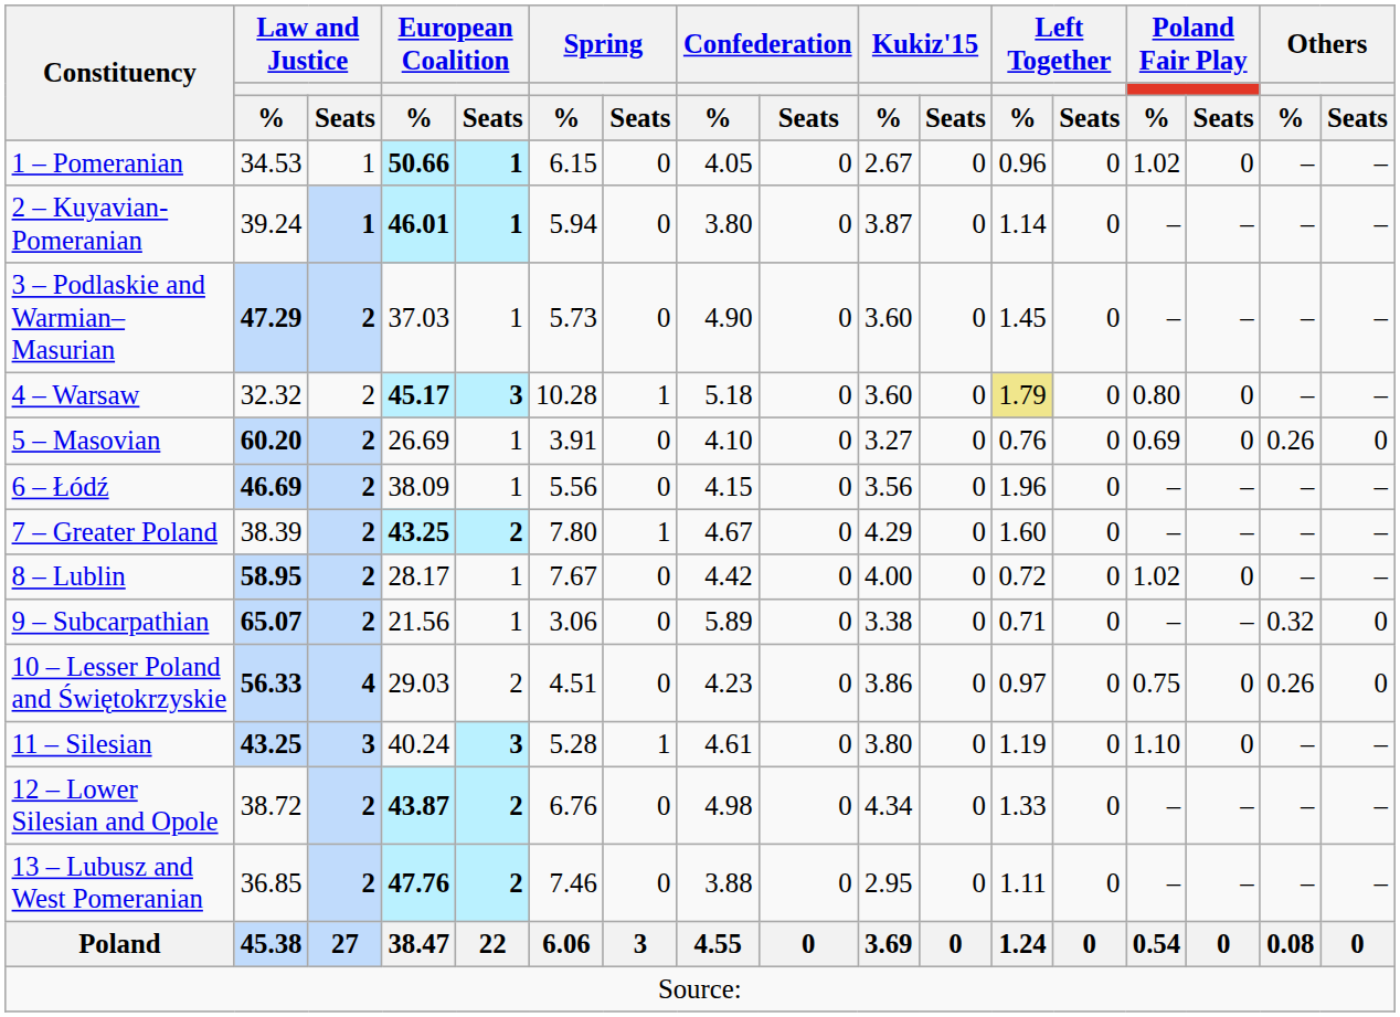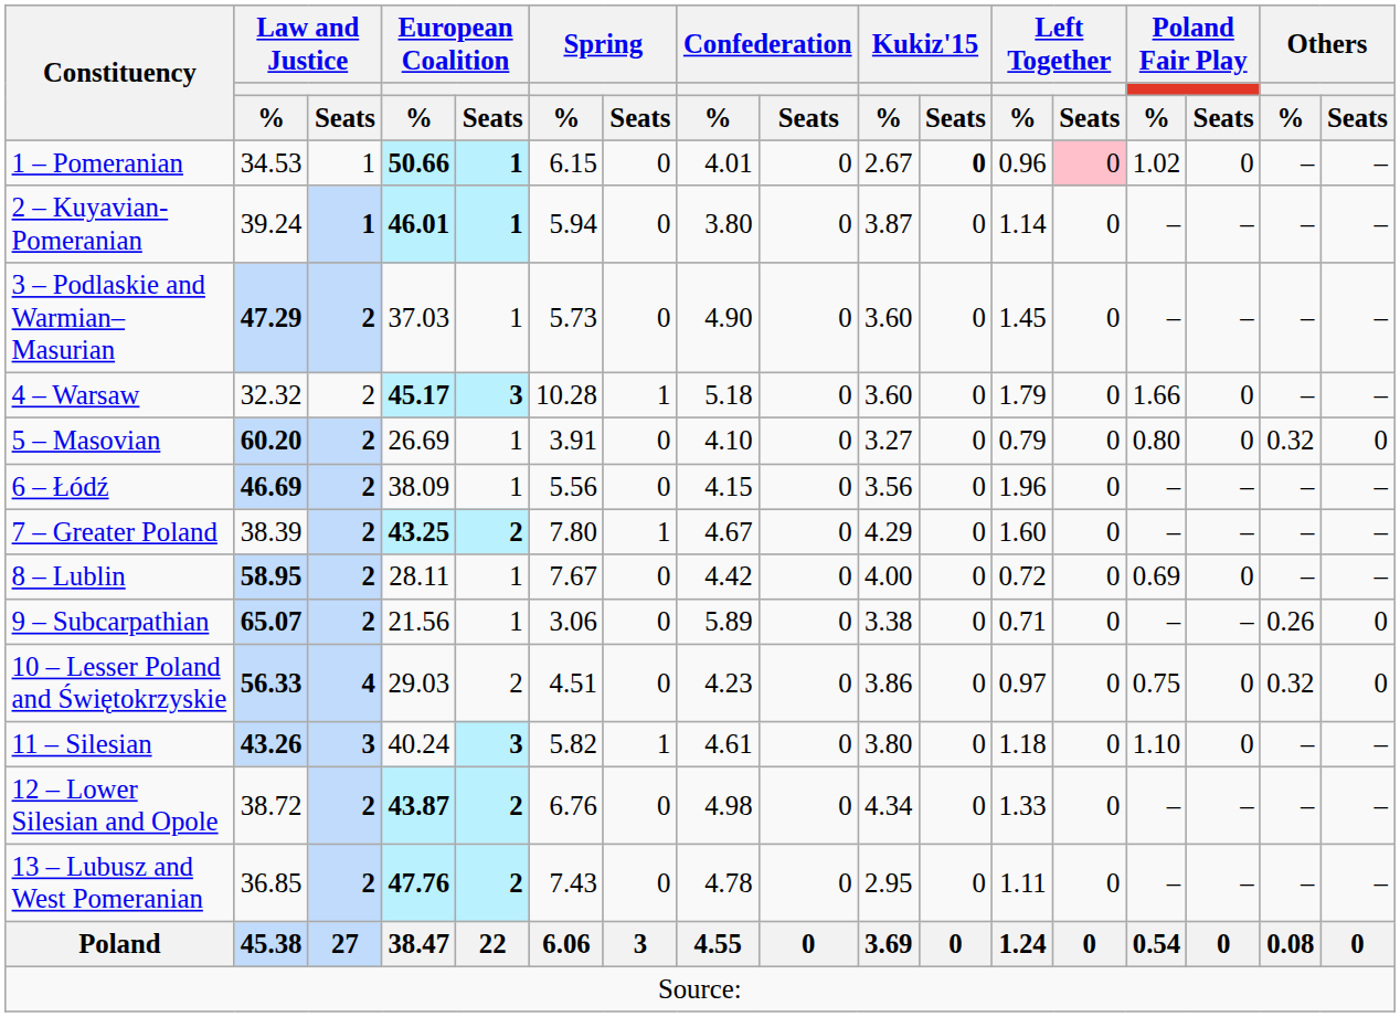 <table class="wikitable sortable" style="text-align:right; font-size:95%">
 <tr style="height:42px; text-align:center; background-color:#E9E9E9;">
 <th rowspan="3" style="width:120px;">Constituency</th>
 <th colspan="2" data-sort-type="number" style="width:40px;"><a href='#'>Law and Justice</a></th>
 <th colspan="2" data-sort-type="number" style="width:40px;"><a href='#'>European Coalition</a></th>
 <th colspan="2" data-sort-type="number" style="width:40px;"><a href='#'>Spring</a></th>
 <th colspan="2" data-sort-type="number" style="width:40px;"><a href='#'>Confederation</a></th>
 <th colspan="2" data-sort-type="number" style="width:40px;"><a href='#'>Kukiz'15</a></th>
 <th colspan="2" data-sort-type="number" style="width:40px;"><a href='#'>Left Together</a></th>
 <th colspan="2" data-sort-type="number" style="width:40px;"><a href='#'>Poland Fair Play</a></th>
 <th colspan="2" data-sort-type="number" style="width:40px;">Others</th>
 </tr>
 <tr>
 <th colspan="2" style="color:inherit;background:"></th>
 <th colspan="2" style="color:inherit;background:"></th>
 <th colspan="2" style="color:inherit;background:"></th>
 <th colspan="2" style="color:inherit;background:"></th>
 <th colspan="2" style="color:inherit;background:"></th>
 <th colspan="2" style="color:inherit;background:"></th>
 <th colspan="2" style="color:inherit;background:#E23727;"></th>
 <th colspan="2" style="color:inherit;background:"></th>
 </tr>
 <tr>
 <th>%</th>
 <th>Seats</th>
 <th>%</th>
 <th>Seats</th>
 <th>%</th>
 <th>Seats</th>
 <th>%</th>
 <th>Seats</th>
 <th>%</th>
 <th>Seats</th>
 <th>%</th>
 <th>Seats</th>
 <th>%</th>
 <th>Seats</th>
 <th>%</th>
 <th>Seats</th>
 </tr>
 <tr>
 <td align="left"><a href='#'>1 – Pomeranian</a></td>
 <td>34.53</td>
 <td>1</td>
 <td style="font-weight:bold; background:#BAF1FF">50.66</td>
 <td style="font-weight:bold; background:#BAF1FF">1</td>
 <td>6.15</td>
 <td>0</td>
-<td>4.05</td>
+<td>4.01</td>
 <td>0</td>
 <td>2.67</td>
-<td>0</td>
+<td><strong>0</strong></td>
 <td>0.96</td>
-<td>0</td>
+<td style="background: pink;">0</td>
 <td>1.02</td>
 <td>0</td>
 <td>–</td>
 <td>–</td>
 </tr>
 <tr>
 <td align="left"><a href='#'>2 – Kuyavian-Pomeranian</a></td>
 <td>39.24</td>
 <td style="font-weight:bold; background:#C0DBFC">1</td>
 <td style="font-weight:bold; background:#BAF1FF">46.01</td>
 <td style="font-weight:bold; background:#BAF1FF">1</td>
 <td>5.94</td>
 <td>0</td>
 <td>3.80</td>
 <td>0</td>
 <td>3.87</td>
 <td>0</td>
 <td>1.14</td>
 <td>0</td>
 <td>–</td>
 <td>–</td>
 <td>–</td>
 <td>–</td>
 </tr>
 <tr>
 <td align="left"><a href='#'>3 – Podlaskie and Warmian–Masurian</a></td>
 <td style="font-weight:bold; background:#C0DBFC">47.29</td>
 <td style="font-weight:bold; background:#C0DBFC">2</td>
 <td>37.03</td>
 <td>1</td>
 <td>5.73</td>
 <td>0</td>
 <td>4.90</td>
 <td>0</td>
 <td>3.60</td>
 <td>0</td>
 <td>1.45</td>
 <td>0</td>
 <td>–</td>
 <td>–</td>
 <td>–</td>
 <td>–</td>
 </tr>
 <tr>
 <td align="left"><a href='#'>4 – Warsaw</a></td>
 <td>32.32</td>
 <td>2</td>
 <td style="font-weight:bold; background:#BAF1FF">45.17</td>
 <td style="font-weight:bold; background:#BAF1FF">3</td>
 <td>10.28</td>
 <td>1</td>
 <td>5.18</td>
 <td>0</td>
 <td>3.60</td>
 <td>0</td>
-<td style="background: khaki;">1.79</td>
+<td>1.79</td>
 <td>0</td>
-<td>0.80</td>
+<td>1.66</td>
 <td>0</td>
 <td>–</td>
 <td>–</td>
 </tr>
 <tr>
 <td align="left"><a href='#'>5 – Masovian</a></td>
 <td style="font-weight:bold; background:#C0DBFC">60.20</td>
 <td style="font-weight:bold; background:#C0DBFC">2</td>
 <td>26.69</td>
 <td>1</td>
 <td>3.91</td>
 <td>0</td>
 <td>4.10</td>
 <td>0</td>
 <td>3.27</td>
 <td>0</td>
-<td>0.76</td>
+<td>0.79</td>
 <td>0</td>
-<td>0.69</td>
+<td>0.80</td>
 <td>0</td>
-<td>0.26</td>
+<td>0.32</td>
 <td>0</td>
 </tr>
 <tr>
 <td align="left"><a href='#'>6 – Łódź</a></td>
 <td style="font-weight:bold; background:#C0DBFC">46.69</td>
 <td style="font-weight:bold; background:#C0DBFC">2</td>
 <td>38.09</td>
 <td>1</td>
 <td>5.56</td>
 <td>0</td>
 <td>4.15</td>
 <td>0</td>
 <td>3.56</td>
 <td>0</td>
 <td>1.96</td>
 <td>0</td>
 <td>–</td>
 <td>–</td>
 <td>–</td>
 <td>–</td>
 </tr>
 <tr>
 <td align="left"><a href='#'>7 – Greater Poland</a></td>
 <td>38.39</td>
 <td style="font-weight:bold; background:#C0DBFC">2</td>
 <td style="font-weight:bold; background:#BAF1FF">43.25</td>
 <td style="font-weight:bold; background:#BAF1FF">2</td>
 <td>7.80</td>
 <td>1</td>
 <td>4.67</td>
 <td>0</td>
 <td>4.29</td>
 <td>0</td>
 <td>1.60</td>
 <td>0</td>
 <td>–</td>
 <td>–</td>
 <td>–</td>
 <td>–</td>
 </tr>
 <tr>
 <td align="left"><a href='#'>8 – Lublin</a></td>
 <td style="font-weight:bold; background:#C0DBFC">58.95</td>
 <td style="font-weight:bold; background:#C0DBFC">2</td>
-<td>28.17</td>
+<td>28.11</td>
 <td>1</td>
 <td>7.67</td>
 <td>0</td>
 <td>4.42</td>
 <td>0</td>
 <td>4.00</td>
 <td>0</td>
 <td>0.72</td>
 <td>0</td>
-<td>1.02</td>
+<td>0.69</td>
 <td>0</td>
 <td>–</td>
 <td>–</td>
 </tr>
 <tr>
 <td align="left"><a href='#'>9 – Subcarpathian</a></td>
 <td style="font-weight:bold; background:#C0DBFC">65.07</td>
 <td style="font-weight:bold; background:#C0DBFC">2</td>
 <td>21.56</td>
 <td>1</td>
 <td>3.06</td>
 <td>0</td>
 <td>5.89</td>
 <td>0</td>
 <td>3.38</td>
 <td>0</td>
 <td>0.71</td>
 <td>0</td>
 <td>–</td>
 <td>–</td>
-<td>0.32</td>
+<td>0.26</td>
 <td>0</td>
 </tr>
 <tr>
 <td align="left"><a href='#'>10 – Lesser Poland and Świętokrzyskie</a></td>
 <td style="font-weight:bold; background:#C0DBFC">56.33</td>
 <td style="font-weight:bold; background:#C0DBFC">4</td>
 <td>29.03</td>
 <td>2</td>
 <td>4.51</td>
 <td>0</td>
 <td>4.23</td>
 <td>0</td>
 <td>3.86</td>
 <td>0</td>
 <td>0.97</td>
 <td>0</td>
 <td>0.75</td>
 <td>0</td>
-<td>0.26</td>
+<td>0.32</td>
 <td>0</td>
 </tr>
 <tr>
 <td align="left"><a href='#'>11 – Silesian</a></td>
-<td style="font-weight:bold; background:#C0DBFC">43.25</td>
+<td style="font-weight:bold; background:#C0DBFC">43.26</td>
 <td style="font-weight:bold; background:#C0DBFC">3</td>
 <td>40.24</td>
 <td style="font-weight:bold; background:#BAF1FF">3</td>
-<td>5.28</td>
+<td>5.82</td>
 <td>1</td>
 <td>4.61</td>
 <td>0</td>
 <td>3.80</td>
 <td>0</td>
-<td>1.19</td>
+<td>1.18</td>
 <td>0</td>
 <td>1.10</td>
 <td>0</td>
 <td>–</td>
 <td>–</td>
 </tr>
 <tr>
 <td align="left"><a href='#'>12 – Lower Silesian and Opole</a></td>
 <td>38.72</td>
 <td style="font-weight:bold; background:#C0DBFC">2</td>
 <td style="font-weight:bold; background:#BAF1FF">43.87</td>
 <td style="font-weight:bold; background:#BAF1FF">2</td>
 <td>6.76</td>
 <td>0</td>
 <td>4.98</td>
 <td>0</td>
 <td>4.34</td>
 <td>0</td>
 <td>1.33</td>
 <td>0</td>
 <td>–</td>
 <td>–</td>
 <td>–</td>
 <td>–</td>
 </tr>
 <tr>
 <td align="left"><a href='#'>13 – Lubusz and West Pomeranian</a></td>
 <td>36.85</td>
 <td style="font-weight:bold; background:#C0DBFC">2</td>
 <td style="font-weight:bold; background:#BAF1FF">47.76</td>
 <td style="font-weight:bold; background:#BAF1FF">2</td>
-<td>7.46</td>
+<td>7.43</td>
 <td>0</td>
-<td>3.88</td>
+<td>4.78</td>
 <td>0</td>
 <td>2.95</td>
 <td>0</td>
 <td>1.11</td>
 <td>0</td>
 <td>–</td>
 <td>–</td>
 <td>–</td>
 <td>–</td>
 </tr>
 <tr class=sortbottom>
 <th>Poland</th>
 <th style="font-weight:bold; background:#C0DBFC">45.38</th>
 <th style="font-weight:bold; background:#C0DBFC">27</th>
 <th>38.47</th>
 <th>22</th>
 <th>6.06</th>
 <th>3</th>
 <th>4.55</th>
 <th>0</th>
 <th>3.69</th>
 <th>0</th>
 <th>1.24</th>
 <th>0</th>
 <th>0.54</th>
 <th>0</th>
 <th>0.08</th>
 <th>0</th>
 </tr>
 <tr class=sortbottom>
 <td colspan="17" align="center">Source: </td>
 </tr>
 </table>
